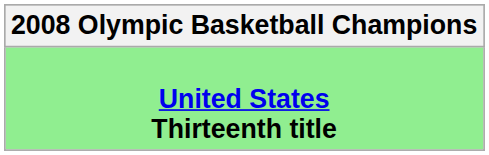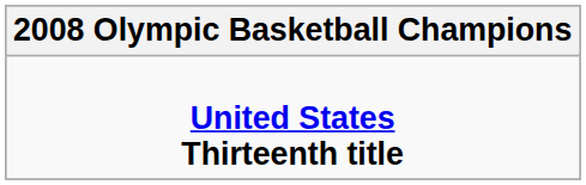 <table class=wikitable style="text-align:center;">
 <tr>
 <th>2008 Olympic Basketball Champions</th>
 </tr>
 <tr>
-<td style="background: lightgreen;"> <br> <strong><a href='#'>United States</a></strong> <br> <strong>Thirteenth title</strong></td>
+<td> <br> <strong><a href='#'>United States</a></strong> <br> <strong>Thirteenth title</strong></td>
 </tr>
 </table>
